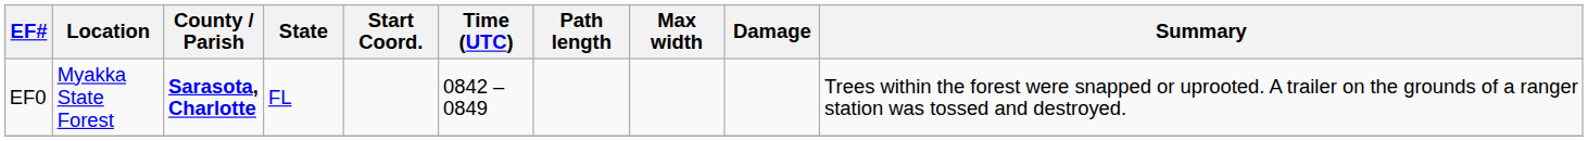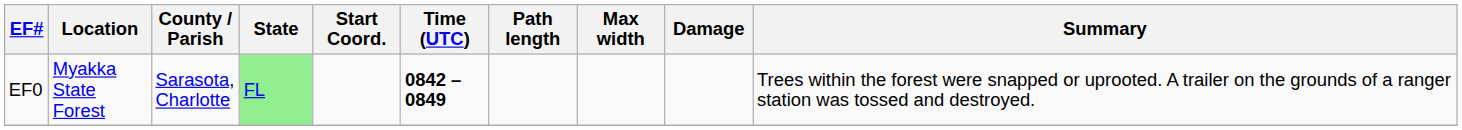 <table class="wikitable sortable" style="width:100%;">
 <tr>
 <th scope="col" width="3%" align="center"><a href='#'>EF#</a></th>
 <th scope="col" width="7%" align="center" class="unsortable">Location</th>
 <th scope="col" width="6%" align="center" class="unsortable">County / Parish</th>
 <th scope="col" width="5%" align="center">State</th>
 <th scope="col" width="6%" align="center">Start Coord.</th>
 <th scope="col" width="6%" align="center">Time (<a href='#'>UTC</a>)</th>
 <th scope="col" width="6%" align="center">Path length</th>
 <th scope="col" width="6%" align="center">Max width</th>
 <th scope="col" width="6%" align="center">Damage</th>
 <th scope="col" width="48%" class="unsortable" align="center">Summary</th>
 </tr>
 <tr>
 <td>EF0</td>
 <td><a href='#'>Myakka State Forest</a></td>
-<td><strong><a href='#'>Sarasota</a>, <a href='#'>Charlotte</a></strong></td>
-<td><a href='#'>FL</a></td>
+<td><a href='#'>Sarasota</a>, <a href='#'>Charlotte</a></td>
+<td style="background: lightgreen;"><a href='#'>FL</a></td>
 <td></td>
-<td>0842 – 0849</td>
+<td><strong>0842 – 0849</strong></td>
 <td></td>
 <td></td>
 <td></td>
 <td>Trees within the forest were snapped or uprooted. A trailer on the grounds of a ranger station was tossed  and destroyed.</td>
 </tr>
 <tr>
 </tr>
 </table>
